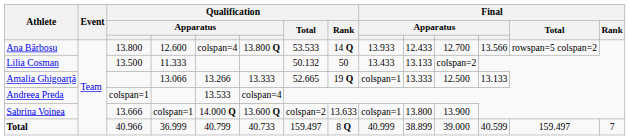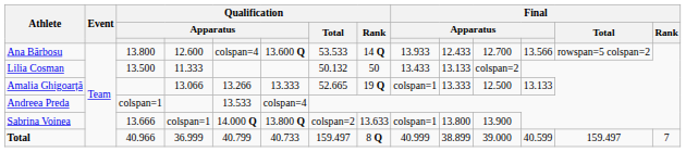 <table class=wikitable style=font-size:90%;text-align:center>
 <tr>
 <th rowspan=3>Athlete</th>
 <th rowspan=3>Event</th>
 <th colspan=6>Qualification</th>
 <th colspan=6>Final</th>
 </tr>
 <tr style=font-size:95%>
 <th colspan=4>Apparatus</th>
 <th rowspan=2>Total</th>
 <th rowspan=2>Rank</th>
 <th colspan=4>Apparatus</th>
 <th rowspan=2>Total</th>
 <th rowspan=2>Rank</th>
 </tr>
 <tr style=font-size:95%>
 <th></th>
 <th></th>
 <th></th>
 <th></th>
 <th></th>
 <th></th>
 <th></th>
 <th></th>
 </tr>
 <tr>
 <td align=left><a href='#'>Ana Bărbosu</a></td>
 <td align=left rowspan=6><a href='#'>Team</a></td>
 <td>13.800</td>
 <td>12.600</td>
 <td>colspan=4 </td>
-<td>13.800 <strong>Q</strong></td>
+<td>13.600 <strong>Q</strong></td>
 <td>53.533</td>
 <td>14 <strong>Q</strong></td>
 <td>13.933</td>
 <td>12.433</td>
 <td>12.700</td>
 <td>13.566</td>
 <td>rowspan=5 colspan=2 </td>
 </tr>
 <tr>
 <td align=left><a href='#'>Lilia Cosman</a></td>
 <td>13.500</td>
 <td>11.333</td>
 <td></td>
 <td></td>
 <td>50.132</td>
 <td>50</td>
 <td>13.433</td>
 <td>13.133</td>
 <td>colspan=2 </td>
 </tr>
 <tr>
 <td align=left><a href='#'>Amalia Ghigoarță</a></td>
 <td></td>
 <td>13.066</td>
 <td>13.266</td>
 <td>13.333</td>
 <td>52.665</td>
 <td>19 <strong>Q</strong></td>
 <td>colspan=1 </td>
 <td>13.333</td>
 <td>12.500</td>
 <td>13.133</td>
 </tr>
 <tr p>
 <td align=left><a href='#'>Andreea Preda</a></td>
 <td>colspan=1 </td>
 <td></td>
 <td>13.533</td>
 <td>colspan=4 </td>
 </tr>
 <tr>
 <td align=left><a href='#'>Sabrina Voinea</a></td>
 <td>13.666</td>
 <td>colspan=1 </td>
 <td>14.000 <strong>Q</strong></td>
-<td>13.600 <strong>Q</strong></td>
+<td>13.800 <strong>Q</strong></td>
 <td>colspan=2 </td>
 <td>13.633</td>
 <td>colspan=1 </td>
 <td>13.800</td>
 <td>13.900</td>
 </tr>
 <tr>
 <td align=left><strong>Total</strong></td>
 <td>40.966</td>
 <td>36.999</td>
 <td>40.799</td>
 <td>40.733</td>
 <td>159.497</td>
 <td>8 <strong>Q</strong></td>
 <td>40.999</td>
 <td>38.899</td>
 <td>39.000</td>
 <td>40.599</td>
 <td>159.497</td>
 <td>7</td>
 </tr>
 </table>
